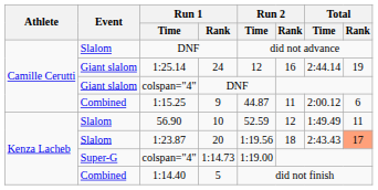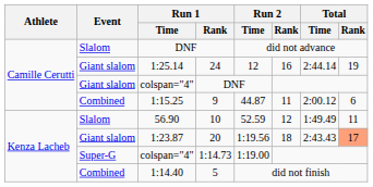 <table class="wikitable" style="font-size:90%">
 <tr>
 <th rowspan=2>Athlete</th>
 <th rowspan=2>Event</th>
 <th colspan=2>Run 1</th>
 <th colspan=2>Run 2</th>
 <th colspan=2>Total</th>
 </tr>
 <tr style="font-size:95%">
 <th>Time</th>
 <th>Rank</th>
 <th>Time</th>
 <th>Rank</th>
 <th>Time</th>
 <th>Rank</th>
 </tr>
 <tr align=center>
 <td align="left" rowspan="4"><a href='#'>Camille Cerutti</a></td>
 <td align="left"><a href='#'>Slalom</a></td>
 <td colspan=2>DNF</td>
 <td colspan=4>did not advance</td>
 </tr>
 <tr align=center>
 <td align="left"><a href='#'>Giant slalom</a></td>
 <td>1:25.14</td>
 <td>24</td>
 <td>12</td>
 <td>16</td>
 <td>2:44.14</td>
 <td>19</td>
 </tr>
 <tr align=center>
 <td align="left"><a href='#'>Giant slalom</a></td>
 <td>colspan="4" </td>
 <td colspan=2>DNF</td>
 </tr>
 <tr align=center>
 <td align="left"><a href='#'>Combined</a></td>
 <td>1:15.25</td>
 <td>9</td>
 <td>44.87</td>
 <td>11</td>
 <td>2:00.12</td>
 <td>6</td>
 </tr>
 <tr align=center>
 <td align="left" rowspan="4"><a href='#'>Kenza Lacheb</a></td>
 <td align="left"><a href='#'>Slalom</a></td>
 <td>56.90</td>
 <td>10</td>
 <td>52.59</td>
 <td>12</td>
 <td>1:49.49</td>
 <td>11</td>
 </tr>
 <tr align=center>
-<td align="left"><a href='#'>Slalom</a></td>
+<td align="left"><a href='#'>Giant slalom</a></td>
 <td>1:23.87</td>
 <td>20</td>
 <td>1:19.56</td>
 <td>18</td>
 <td>2:43.43</td>
 <td style="background: lightsalmon;">17</td>
 </tr>
 <tr align=center>
 <td align="left"><a href='#'>Super-G</a></td>
 <td>colspan="4" </td>
 <td>1:14.73</td>
 <td>1:19.00</td>
 </tr>
 <tr align=center>
 <td align="left"><a href='#'>Combined</a></td>
 <td>1:14.40</td>
 <td>5</td>
 <td colspan=4>did not finish</td>
 </tr>
 </table>
